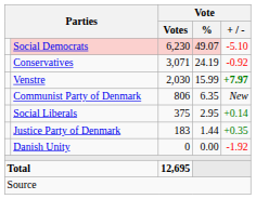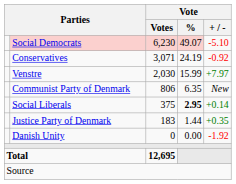 <table class="wikitable" style="text-align:right;">
 <tr>
 <th style="text-align:centre;" rowspan="2" colspan="2" width="225">Parties</th>
 <th colspan="3">Vote</th>
 </tr>
 <tr>
 <th width="15">Votes</th>
 <th width="15">%</th>
 <th width="15">+ / -</th>
 </tr>
 <tr>
 <td width="2" style="color:inherit;background:"></td>
 <td bgcolor=#fbd0ce  align="left"><a href='#'>Social Democrats</a></td>
 <td bgcolor=#fbd0ce>6,230</td>
 <td bgcolor=#fbd0ce>49.07</td>
 <td style=color:red;>-5.10</td>
 </tr>
 <tr>
 <td width="2" style="color:inherit;background:"></td>
 <td align="left"><a href='#'>Conservatives</a></td>
 <td>3,071</td>
 <td>24.19</td>
 <td style=color:red;>-0.92</td>
 </tr>
 <tr>
 <td width="2" style="color:inherit;background:"></td>
 <td align="left"><a href='#'>Venstre</a></td>
 <td>2,030</td>
 <td>15.99</td>
-<td style=color:green;><strong>+7.97</strong></td>
+<td style=color:green;>+7.97</td>
 </tr>
 <tr>
 <td width="2" style="color:inherit;background:"></td>
 <td align="left"><a href='#'>Communist Party of Denmark</a></td>
 <td>806</td>
 <td>6.35</td>
 <td><em>New</em></td>
 </tr>
 <tr>
 <td width="2" style="color:inherit;background:"></td>
 <td align="left"><a href='#'>Social Liberals</a></td>
 <td>375</td>
-<td>2.95</td>
+<td><strong>2.95</strong></td>
 <td style=color:green;>+0.14</td>
 </tr>
 <tr>
 <td width="2" style="color:inherit;background:"></td>
 <td align="left"><a href='#'>Justice Party of Denmark</a></td>
 <td>183</td>
 <td>1.44</td>
 <td style=color:green;>+0.35</td>
 </tr>
 <tr>
 <td width="2" style="color:inherit;background:"></td>
 <td align="left"><a href='#'>Danish Unity</a></td>
 <td>0</td>
 <td>0.00</td>
 <td style=color:red;>-1.92</td>
 </tr>
 <tr>
 <td colspan="7" bgcolor="#E9E9E9"></td>
 </tr>
 <tr>
 <td align="left" colspan="2"><strong>Total</strong></td>
 <td><strong>12,695</strong></td>
 <td bgcolor="#E9E9E9" colspan="2"></td>
 </tr>
 <tr>
 <td align="left" colspan="6">Source</td>
 </tr>
 </table>
